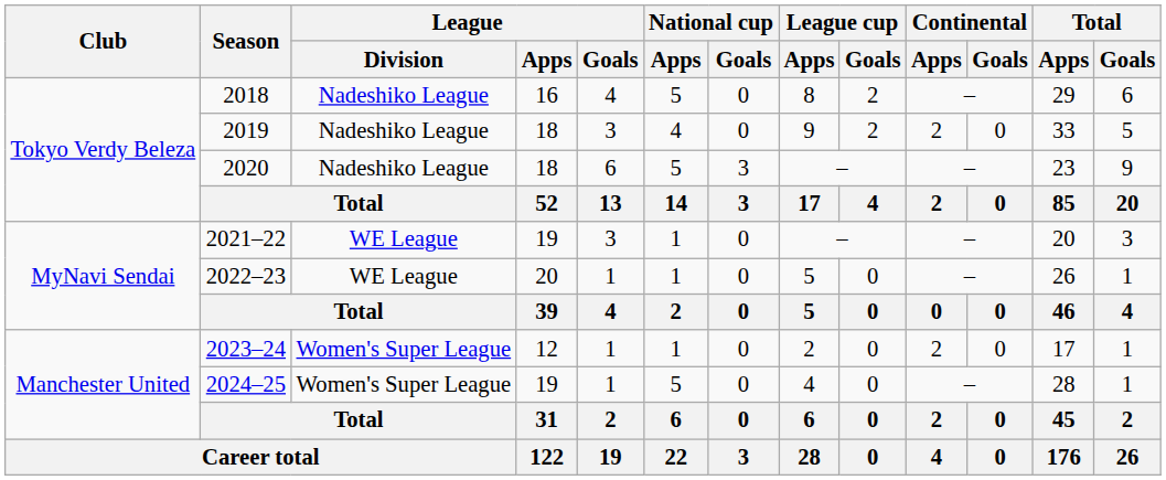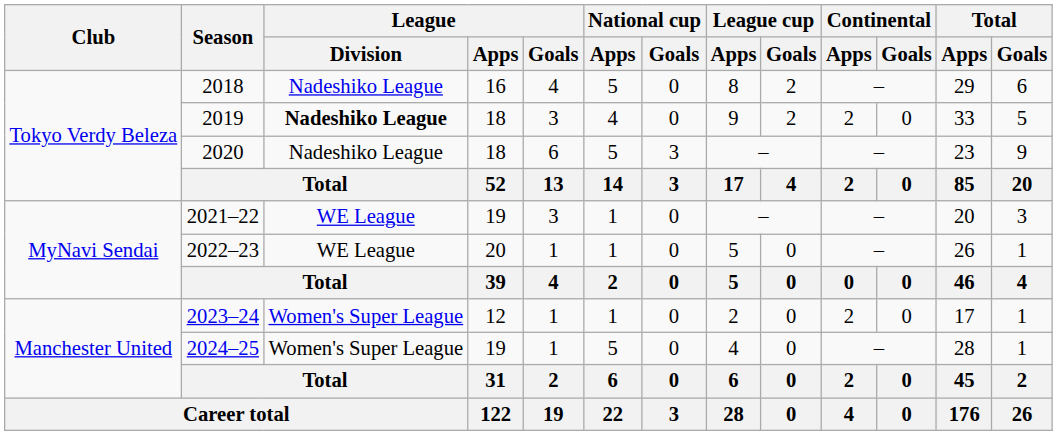 <table class="wikitable" style="text-align:center">
 <tr>
 <th rowspan="2">Club</th>
 <th rowspan="2">Season</th>
 <th colspan="3">League</th>
 <th colspan="2">National cup</th>
 <th colspan="2">League cup</th>
 <th colspan="2">Continental</th>
 <th colspan="2">Total</th>
 </tr>
 <tr>
 <th>Division</th>
 <th>Apps</th>
 <th>Goals</th>
 <th>Apps</th>
 <th>Goals</th>
 <th>Apps</th>
 <th>Goals</th>
 <th>Apps</th>
 <th>Goals</th>
 <th>Apps</th>
 <th>Goals</th>
 </tr>
 <tr>
 <td rowspan="4"><a href='#'>Tokyo Verdy Beleza</a></td>
 <td>2018</td>
 <td><a href='#'>Nadeshiko League</a></td>
 <td>16</td>
 <td>4</td>
 <td>5</td>
 <td>0</td>
 <td>8</td>
 <td>2</td>
 <td colspan="2">–</td>
 <td>29</td>
 <td>6</td>
 </tr>
 <tr>
 <td>2019</td>
-<td>Nadeshiko League</td>
+<td><strong>Nadeshiko League</strong></td>
 <td>18</td>
 <td>3</td>
 <td>4</td>
 <td>0</td>
 <td>9</td>
 <td>2</td>
 <td>2</td>
 <td>0</td>
 <td>33</td>
 <td>5</td>
 </tr>
 <tr>
 <td>2020</td>
 <td>Nadeshiko League</td>
 <td>18</td>
 <td>6</td>
 <td>5</td>
 <td>3</td>
 <td colspan="2">–</td>
 <td colspan="2">–</td>
 <td>23</td>
 <td>9</td>
 </tr>
 <tr>
 <th colspan="2">Total</th>
 <th>52</th>
 <th>13</th>
 <th>14</th>
 <th>3</th>
 <th>17</th>
 <th>4</th>
 <th>2</th>
 <th>0</th>
 <th>85</th>
 <th>20</th>
 </tr>
 <tr>
 <td rowspan="3"><a href='#'>MyNavi Sendai</a></td>
 <td>2021–22</td>
 <td><a href='#'>WE League</a></td>
 <td>19</td>
 <td>3</td>
 <td>1</td>
 <td>0</td>
 <td colspan="2">–</td>
 <td colspan="2">–</td>
 <td>20</td>
 <td>3</td>
 </tr>
 <tr>
 <td>2022–23</td>
 <td>WE League</td>
 <td>20</td>
 <td>1</td>
 <td>1</td>
 <td>0</td>
 <td>5</td>
 <td>0</td>
 <td colspan="2">–</td>
 <td>26</td>
 <td>1</td>
 </tr>
 <tr>
 <th colspan="2">Total</th>
 <th>39</th>
 <th>4</th>
 <th>2</th>
 <th>0</th>
 <th>5</th>
 <th>0</th>
 <th>0</th>
 <th>0</th>
 <th>46</th>
 <th>4</th>
 </tr>
 <tr>
 <td rowspan="3"><a href='#'>Manchester United</a></td>
 <td><a href='#'>2023–24</a></td>
 <td><a href='#'>Women's Super League</a></td>
 <td>12</td>
 <td>1</td>
 <td>1</td>
 <td>0</td>
 <td>2</td>
 <td>0</td>
 <td>2</td>
 <td>0</td>
 <td>17</td>
 <td>1</td>
 </tr>
 <tr>
 <td><a href='#'>2024–25</a></td>
 <td>Women's Super League</td>
 <td>19</td>
 <td>1</td>
 <td>5</td>
 <td>0</td>
 <td>4</td>
 <td>0</td>
 <td colspan="2">–</td>
 <td>28</td>
 <td>1</td>
 </tr>
 <tr>
 <th colspan="2">Total</th>
 <th>31</th>
 <th>2</th>
 <th>6</th>
 <th>0</th>
 <th>6</th>
 <th>0</th>
 <th>2</th>
 <th>0</th>
 <th>45</th>
 <th>2</th>
 </tr>
 <tr>
 <th colspan="3">Career total</th>
 <th>122</th>
 <th>19</th>
 <th>22</th>
 <th>3</th>
 <th>28</th>
 <th>0</th>
 <th>4</th>
 <th>0</th>
 <th>176</th>
 <th>26</th>
 </tr>
 </table>
